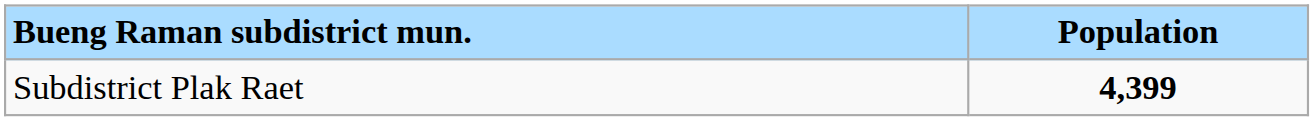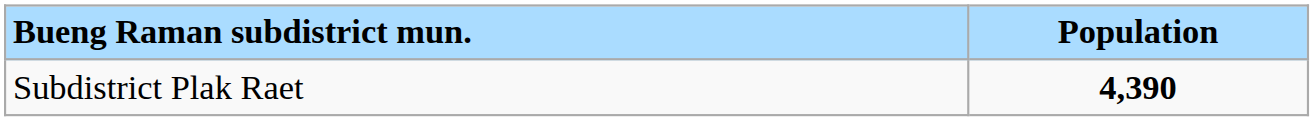 <table class="wikitable" style="width:48%; display:inline-table;">
 <tr>
 <th scope="col" style= "width:74%; background: #aadcff; text-align:left;"><strong>Bueng Raman subdistrict mun.</strong></th>
 <th scope="col" style= "width:26%;background: #aadcff; text-align:center;"><strong>Population</strong></th>
 </tr>
 <tr>
 <td>Subdistrict Plak Raet</td>
-<td style="text-align:center;"><strong>4,399</strong></td>
+<td style="text-align:center;"><strong>4,390</strong></td>
 </tr>
 </table>
